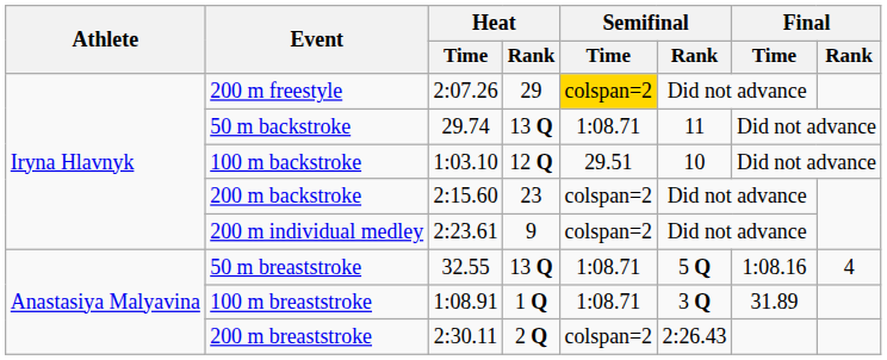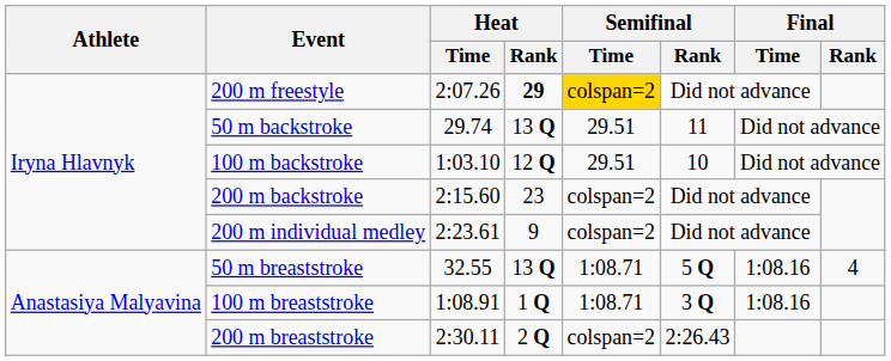 <table class=wikitable style="font-size:90%">
 <tr>
 <th rowspan=2>Athlete</th>
 <th rowspan=2>Event</th>
 <th colspan="2">Heat</th>
 <th colspan="2">Semifinal</th>
 <th colspan="2">Final</th>
 </tr>
 <tr style="font-size:95%">
 <th>Time</th>
 <th>Rank</th>
 <th>Time</th>
 <th>Rank</th>
 <th>Time</th>
 <th>Rank</th>
 </tr>
 <tr align=center>
 <td align=left rowspan=5><a href='#'>Iryna Hlavnyk</a></td>
 <td align=left><a href='#'>200 m freestyle</a></td>
 <td>2:07.26</td>
-<td>29</td>
+<td><strong>29</strong></td>
 <td style="background: gold;">colspan=2 </td>
 <td colspan=2>Did not advance</td>
 </tr>
 <tr align=center>
 <td align=left><a href='#'>50 m backstroke</a></td>
 <td>29.74</td>
 <td>13 <strong>Q</strong></td>
-<td>1:08.71</td>
+<td>29.51</td>
 <td>11</td>
 <td colspan=2>Did not advance</td>
 </tr>
 <tr align=center>
 <td align=left><a href='#'>100 m backstroke</a></td>
 <td>1:03.10</td>
 <td>12 <strong>Q</strong></td>
 <td>29.51</td>
 <td>10</td>
 <td colspan=2>Did not advance</td>
 </tr>
 <tr align=center>
 <td align=left><a href='#'>200 m backstroke</a></td>
 <td>2:15.60</td>
 <td>23</td>
 <td>colspan=2 </td>
 <td colspan=2>Did not advance</td>
 </tr>
 <tr align=center>
 <td align=left><a href='#'>200 m individual medley</a></td>
 <td>2:23.61</td>
 <td>9</td>
 <td>colspan=2 </td>
 <td colspan=2>Did not advance</td>
 </tr>
 <tr align=center>
 <td align=left rowspan=3><a href='#'>Anastasiya Malyavina</a></td>
 <td align=left><a href='#'>50 m breaststroke</a></td>
 <td>32.55</td>
 <td>13 <strong>Q</strong></td>
 <td>1:08.71</td>
 <td>5 <strong>Q</strong></td>
 <td>1:08.16</td>
 <td>4</td>
 </tr>
 <tr align=center>
 <td align=left><a href='#'>100 m breaststroke</a></td>
 <td>1:08.91</td>
 <td>1 <strong>Q</strong></td>
 <td>1:08.71</td>
 <td>3 <strong>Q</strong></td>
-<td>31.89</td>
+<td>1:08.16</td>
 <td></td>
 </tr>
 <tr align=center>
 <td align=left><a href='#'>200 m breaststroke</a></td>
 <td>2:30.11</td>
 <td>2 <strong>Q	</strong></td>
 <td>colspan=2 </td>
 <td>2:26.43</td>
 <td></td>
 </tr>
 </table>
